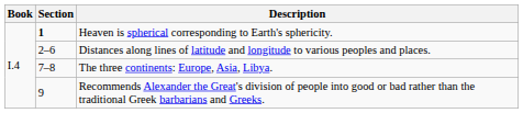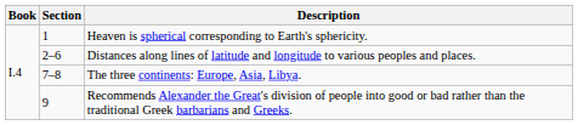 <table class="wikitable" style="max-width:45em;">
 <tr>
 <th>Book</th>
 <th>Section</th>
 <th>Description</th>
 </tr>
 <tr>
 <td rowspan="4">I.4</td>
-<td><strong>1</strong></td>
+<td>1</td>
 <td>Heaven is <a href='#'>spherical</a> corresponding to Earth's sphericity.</td>
 </tr>
 <tr>
 <td>2–6</td>
 <td>Distances along lines of <a href='#'>latitude</a> and <a href='#'>longitude</a> to various peoples and places.</td>
 </tr>
 <tr>
 <td>7–8</td>
 <td>The three <a href='#'>continents</a>: <a href='#'>Europe</a>, <a href='#'>Asia</a>, <a href='#'>Libya</a>.</td>
 </tr>
 <tr>
 <td>9</td>
 <td>Recommends <a href='#'>Alexander the Great</a>'s division of people into good or bad rather than the traditional Greek <a href='#'>barbarians</a> and <a href='#'>Greeks</a>.</td>
 </tr>
 </table>
